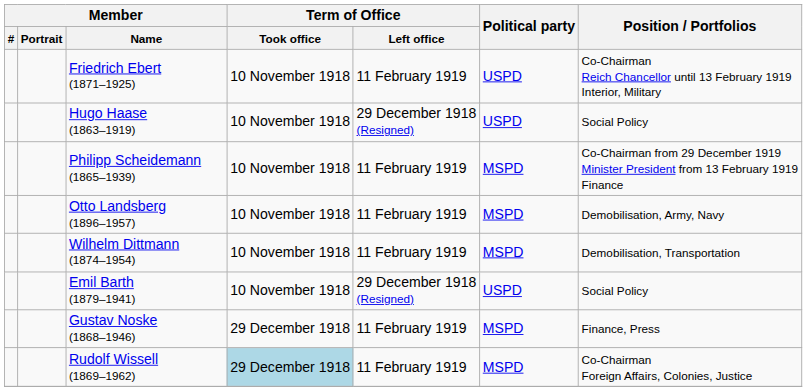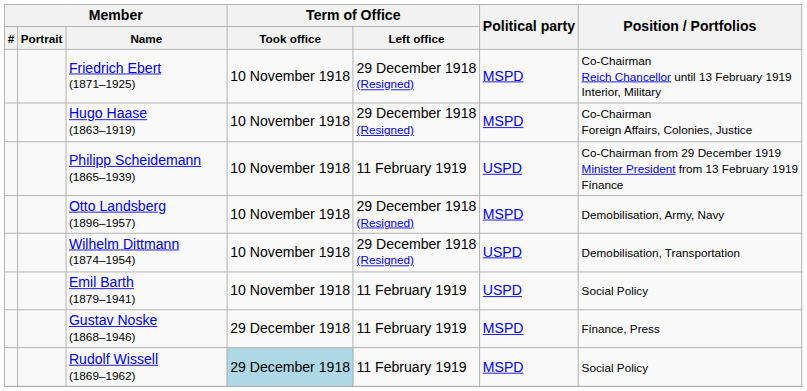 <table class="wikitable">
 <tr>
 <th colspan=3>Member</th>
 <th colspan=2>Term of Office</th>
 <th rowspan=2>Political party</th>
 <th rowspan=2>Position / Portfolios</th>
 </tr>
 <tr>
 <th><small>#</small></th>
 <th><small>Portrait</small></th>
 <th><small>Name</small></th>
 <th><small>Took office</small></th>
 <th><small>Left office</small></th>
 </tr>
 <tr>
 <td style="background: "></td>
 <td></td>
 <td><a href='#'>Friedrich Ebert</a><br><small>(1871–1925)</small></td>
 <td>10 November 1918</td>
-<td>11 February 1919</td>
-<td><a href='#'>USPD</a></td>
+<td>29 December 1918<br><small><a href='#'>(Resigned)</a></small></td>
+<td><a href='#'>MSPD</a></td>
 <td><small>Co-Chairman<br><a href='#'>Reich Chancellor</a> until 13 February 1919<br>Interior, Military</small></td>
 </tr>
 <tr>
 <td style="background: "></td>
 <td style="width:1em;"></td>
 <td style="width:11em;"><a href='#'>Hugo Haase</a><br><small>(1863–1919)</small></td>
 <td>10 November 1918</td>
 <td>29 December 1918<br><small><a href='#'>(Resigned)</a></small></td>
-<td><a href='#'>USPD</a></td>
-<td><small>Social Policy</small></td>
+<td><a href='#'>MSPD</a></td>
+<td><small>Co-Chairman</small><br><small>Foreign Affairs, Colonies, Justice</small></td>
 </tr>
 <tr>
 <td style="background: "></td>
 <td style="width:1em;"></td>
 <td style="width:11em;"><a href='#'>Philipp Scheidemann</a><br><small>(1865–1939)</small></td>
 <td>10 November 1918</td>
 <td>11 February 1919</td>
-<td><a href='#'>MSPD</a></td>
+<td><a href='#'>USPD</a></td>
 <td><small>Co-Chairman from 29 December 1919<br><a href='#'>Minister President</a> from 13 February 1919<br>Finance</small></td>
 </tr>
 <tr>
 <td style="background: "></td>
 <td style="width:1em;"></td>
 <td style="width:11em;"><a href='#'>Otto Landsberg</a><br><small>(1896–1957)</small></td>
 <td>10 November 1918</td>
-<td>11 February 1919</td>
+<td>29 December 1918<br><small><a href='#'>(Resigned)</a></small></td>
 <td><a href='#'>MSPD</a></td>
 <td><small>Demobilisation, Army, Navy</small></td>
 </tr>
 <tr>
 <td style="background: "></td>
 <td style="width:1em;"></td>
 <td style="width:11em;"><a href='#'>Wilhelm Dittmann</a><br><small>(1874–1954)</small></td>
 <td>10 November 1918</td>
-<td>11 February 1919</td>
-<td><a href='#'>MSPD</a></td>
+<td>29 December 1918<br><small><a href='#'>(Resigned)</a></small></td>
+<td><a href='#'>USPD</a></td>
 <td><small>Demobilisation, Transportation</small></td>
 </tr>
 <tr>
 <td style="background: "></td>
 <td style="width:1em;"></td>
 <td style="width:11em;"><a href='#'>Emil Barth</a><br><small>(1879–1941)</small></td>
 <td>10 November 1918</td>
-<td>29 December 1918<br><small><a href='#'>(Resigned)</a></small></td>
+<td>11 February 1919</td>
 <td><a href='#'>USPD</a></td>
 <td><small>Social Policy</small></td>
 </tr>
 <tr>
 <td style="background: "></td>
 <td style="width:1em;"></td>
 <td style="width:11em;"><a href='#'>Gustav Noske</a><br><small>(1868–1946)</small></td>
 <td>29 December 1918</td>
 <td>11 February 1919</td>
 <td><a href='#'>MSPD</a></td>
 <td><small>Finance, Press</small></td>
 </tr>
 <tr>
 <td style="background: "></td>
 <td style="width:1em;"></td>
 <td style="width:11em;"><a href='#'>Rudolf Wissell</a><br><small>(1869–1962)</small></td>
 <td style="background: lightblue;">29 December 1918</td>
 <td>11 February 1919</td>
 <td><a href='#'>MSPD</a></td>
-<td><small>Co-Chairman</small><br><small>Foreign Affairs, Colonies, Justice</small></td>
+<td><small>Social Policy</small></td>
 </tr>
 <tr>
 </tr>
 </table>
